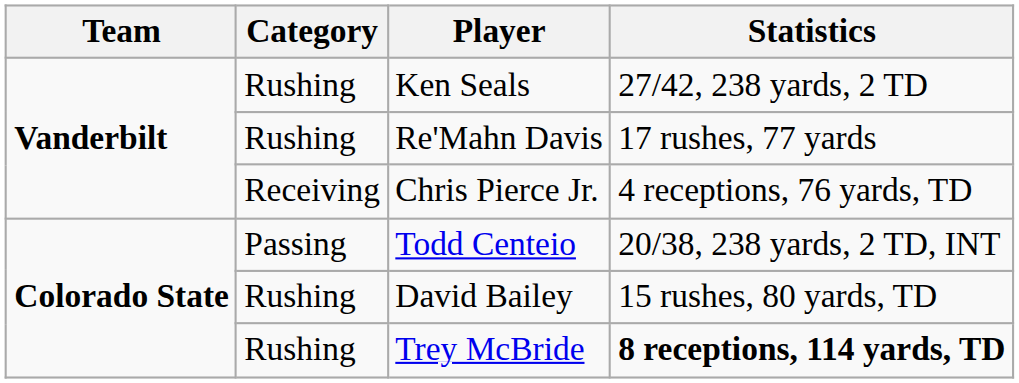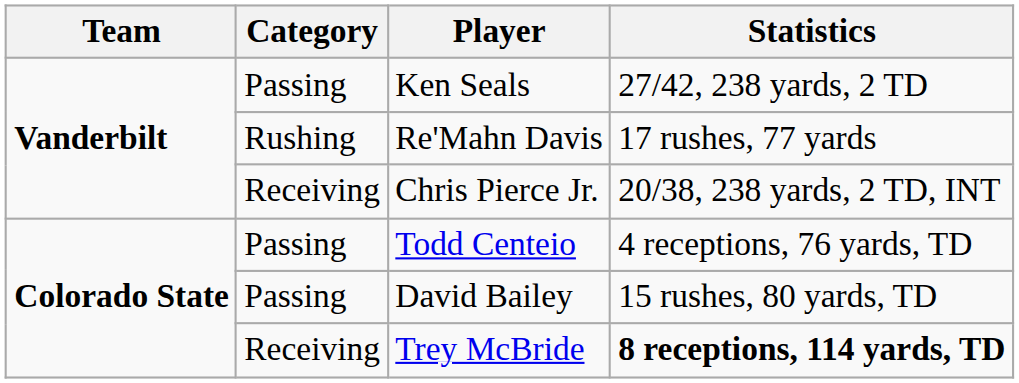 <table class="wikitable" style="float: right;">
 <tr>
 <th>Team</th>
 <th>Category</th>
 <th>Player</th>
 <th>Statistics</th>
 </tr>
 <tr>
 <td rowspan=3><strong>Vanderbilt</strong></td>
-<td>Rushing</td>
+<td>Passing</td>
 <td>Ken Seals</td>
 <td>27/42, 238 yards, 2 TD</td>
 </tr>
 <tr>
 <td>Rushing</td>
 <td>Re'Mahn Davis</td>
 <td>17 rushes, 77 yards</td>
 </tr>
 <tr>
 <td>Receiving</td>
 <td>Chris Pierce Jr.</td>
-<td>4 receptions, 76 yards, TD</td>
+<td>20/38, 238 yards, 2 TD, INT</td>
 </tr>
 <tr>
 <td rowspan=3><strong>Colorado State</strong></td>
 <td>Passing</td>
 <td><a href='#'>Todd Centeio</a></td>
-<td>20/38, 238 yards, 2 TD, INT</td>
+<td>4 receptions, 76 yards, TD</td>
 </tr>
 <tr>
-<td>Rushing</td>
+<td>Passing</td>
 <td>David Bailey</td>
 <td>15 rushes, 80 yards, TD</td>
 </tr>
 <tr>
-<td>Rushing</td>
+<td>Receiving</td>
 <td><a href='#'>Trey McBride</a></td>
 <td><strong>8 receptions, 114 yards, TD</strong></td>
 </tr>
 </table>
